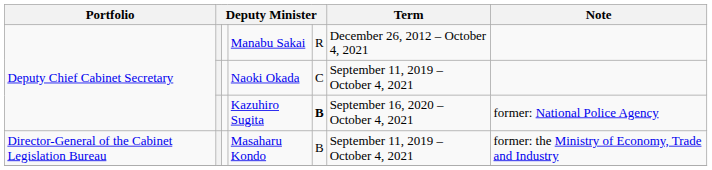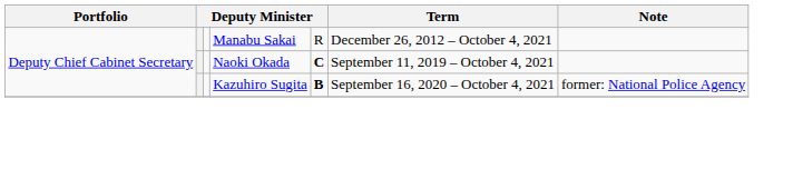 <table class="wikitable">
 <tr>
 <th>Portfolio</th>
 <th colspan="4">Deputy Minister</th>
 <th>Term</th>
 <th>Note</th>
 </tr>
 <tr>
 <td rowspan="3"><a href='#'>Deputy Chief Cabinet Secretary</a></td>
 <th style="color:inherit;background-color: "></th>
 <td></td>
 <td><a href='#'>Manabu Sakai</a></td>
 <td>R</td>
 <td>December 26, 2012 – October 4, 2021</td>
 <td></td>
 </tr>
 <tr>
 <th style="color:inherit;background-color: "></th>
 <td></td>
 <td><a href='#'>Naoki Okada</a></td>
-<td>C</td>
+<td><strong>C</strong></td>
 <td>September 11, 2019 – October 4, 2021</td>
 <td></td>
 </tr>
 <tr>
 <th></th>
 <td></td>
 <td><a href='#'>Kazuhiro Sugita</a></td>
 <td><strong>B</strong></td>
 <td>September 16, 2020 – October 4, 2021</td>
 <td>former: <a href='#'>National Police Agency</a></td>
 </tr>
 <tr>
-<td><a href='#'>Director-General of the Cabinet Legislation Bureau</a></td>
-<th></th>
-<td></td>
-<td><a href='#'>Masaharu Kondo</a></td>
-<td>B</td>
-<td>September 11, 2019 – October 4, 2021</td>
-<td>former: the <a href='#'>Ministry of Economy, Trade and Industry</a></td>
-</tr>
-<tr>
 </tr>
 </table>
